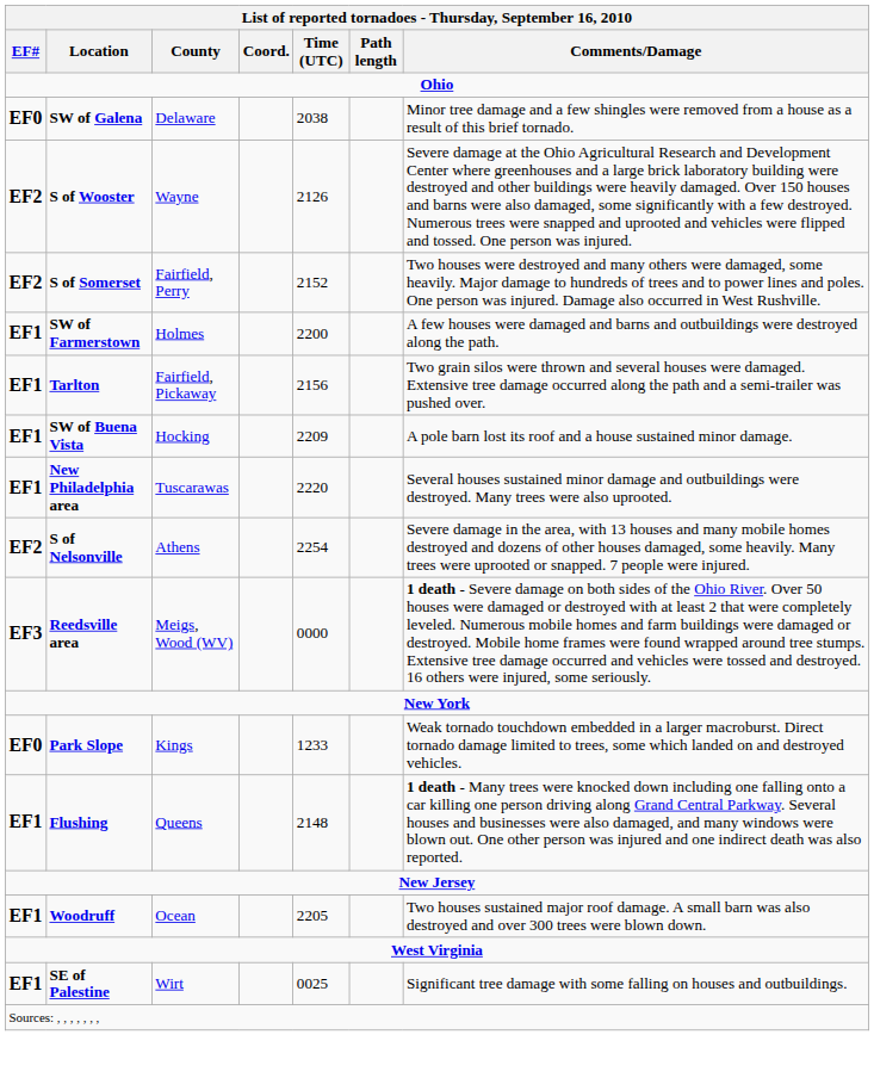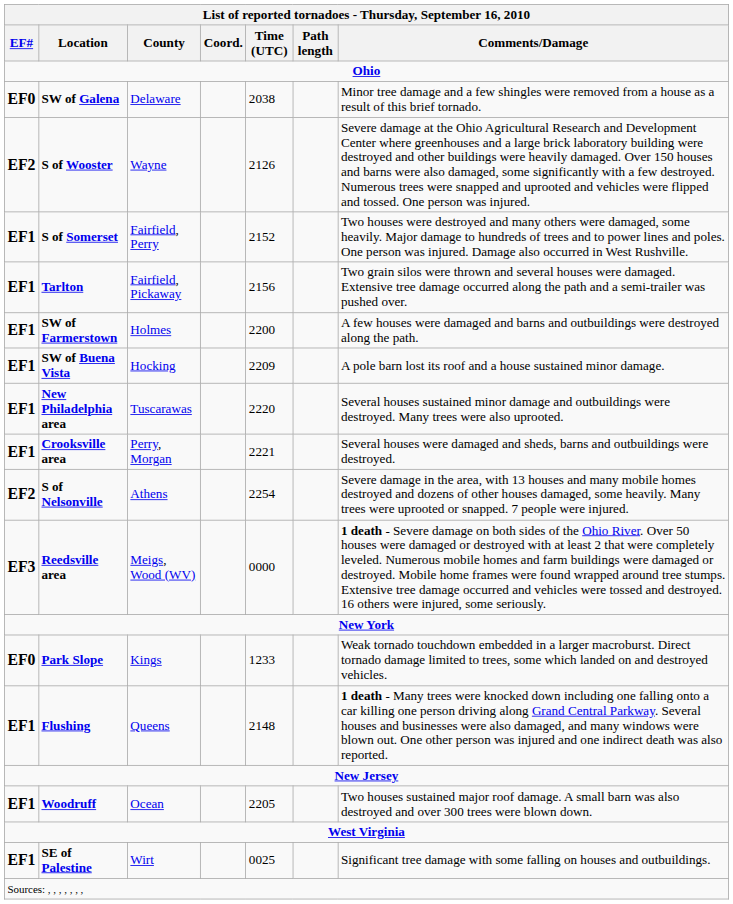 <table class="wikitable collapsible" width="100%">
 <tr>
 <th colspan="7">List of reported tornadoes - Thursday, September 16, 2010</th>
 </tr>
 <tr>
 <th><a href='#'>EF#</a></th>
 <th>Location</th>
 <th>County</th>
 <th>Coord.</th>
 <th>Time (UTC)</th>
 <th>Path length</th>
 <th>Comments/Damage</th>
 </tr>
 <tr>
 <td colspan="7" align=center><strong><a href='#'>Ohio</a></strong></td>
 </tr>
 <tr>
 <td><big><strong>EF0</strong></big></td>
 <td><strong>SW of <a href='#'>Galena</a></strong></td>
 <td><a href='#'>Delaware</a></td>
 <td></td>
 <td>2038</td>
 <td></td>
 <td>Minor tree damage and a few shingles were removed from a house as a result of this brief tornado.</td>
 </tr>
 <tr>
 <td><big><strong>EF2</strong></big></td>
 <td><strong>S of <a href='#'>Wooster</a></strong></td>
 <td><a href='#'>Wayne</a></td>
 <td></td>
 <td>2126</td>
 <td></td>
 <td>Severe damage at the Ohio Agricultural Research and Development Center where greenhouses and a large brick laboratory building were destroyed and other buildings were heavily damaged. Over 150 houses and barns were also damaged, some significantly with a few destroyed. Numerous trees were snapped and uprooted and vehicles were flipped and tossed. One person was injured.</td>
 </tr>
 <tr>
-<td><big><strong>EF2</strong></big></td>
+<td><big><strong>EF1</strong></big></td>
 <td><strong>S of <a href='#'>Somerset</a></strong></td>
 <td><a href='#'>Fairfield</a>, <a href='#'>Perry</a></td>
 <td></td>
 <td>2152</td>
 <td></td>
 <td>Two houses were destroyed and many others were damaged, some heavily. Major damage to hundreds of trees and to power lines and poles. One person was injured. Damage also occurred in West Rushville.</td>
 </tr>
 <tr>
 <td><big><strong>EF1</strong></big></td>
+<td><strong><a href='#'>Tarlton</a></strong></td>
+<td><a href='#'>Fairfield</a>, <a href='#'>Pickaway</a></td>
+<td></td>
+<td>2156</td>
+<td></td>
+<td>Two grain silos were thrown and several houses were damaged. Extensive tree damage occurred along the path and a semi-trailer was pushed over.</td>
+</tr>
+<tr>
+<td><big><strong>EF1</strong></big></td>
 <td><strong>SW of <a href='#'>Farmerstown</a></strong></td>
 <td><a href='#'>Holmes</a></td>
 <td></td>
 <td>2200</td>
 <td></td>
 <td>A few houses were damaged and barns and outbuildings were destroyed along the path.</td>
-</tr>
-<tr>
-<td><big><strong>EF1</strong></big></td>
-<td><strong><a href='#'>Tarlton</a></strong></td>
-<td><a href='#'>Fairfield</a>, <a href='#'>Pickaway</a></td>
-<td></td>
-<td>2156</td>
-<td></td>
-<td>Two grain silos were thrown and several houses were damaged. Extensive tree damage occurred along the path and a semi-trailer was pushed over.</td>
 </tr>
 <tr>
 <td><big><strong>EF1</strong></big></td>
 <td><strong>SW of <a href='#'>Buena Vista</a></strong></td>
 <td><a href='#'>Hocking</a></td>
 <td></td>
 <td>2209</td>
 <td></td>
 <td>A pole barn lost its roof and a house sustained minor damage.</td>
 </tr>
 <tr>
 <td><big><strong>EF1</strong></big></td>
 <td><strong><a href='#'>New Philadelphia</a> area</strong></td>
 <td><a href='#'>Tuscarawas</a></td>
 <td></td>
 <td>2220</td>
 <td></td>
 <td>Several houses sustained minor damage and outbuildings were destroyed. Many trees were also uprooted.</td>
+</tr>
+<tr>
+<td><big><strong>EF1</strong></big></td>
+<td><strong><a href='#'>Crooksville</a> area</strong></td>
+<td><a href='#'>Perry</a>, <a href='#'>Morgan</a></td>
+<td></td>
+<td>2221</td>
+<td></td>
+<td>Several houses were damaged and sheds, barns and outbuildings were destroyed.</td>
 </tr>
 <tr>
 <td><big><strong>EF2</strong></big></td>
 <td><strong>S of <a href='#'>Nelsonville</a></strong></td>
 <td><a href='#'>Athens</a></td>
 <td></td>
 <td>2254</td>
 <td></td>
 <td>Severe damage in the area, with 13 houses and many mobile homes destroyed and dozens of other houses damaged, some heavily. Many trees were uprooted or snapped. 7 people were injured.</td>
 </tr>
 <tr>
 <td><big><strong>EF3</strong></big></td>
 <td><strong><a href='#'>Reedsville</a> area</strong></td>
 <td><a href='#'>Meigs</a>, <a href='#'>Wood (WV)</a></td>
 <td></td>
 <td>0000</td>
 <td></td>
 <td><strong>1 death</strong> - Severe damage on both sides of the <a href='#'>Ohio River</a>. Over 50 houses were damaged or destroyed with at least 2 that were completely leveled. Numerous mobile homes and farm buildings were damaged or destroyed. Mobile home frames were found wrapped around tree stumps. Extensive tree damage occurred and vehicles were tossed and destroyed. 16 others were injured, some seriously.</td>
 </tr>
 <tr>
 <td colspan="7" align=center><strong><a href='#'>New York</a></strong></td>
 </tr>
 <tr>
 <td><big><strong>EF0</strong></big></td>
 <td><strong><a href='#'>Park Slope</a></strong></td>
 <td><a href='#'>Kings</a></td>
 <td></td>
 <td>1233</td>
 <td></td>
 <td>Weak tornado touchdown embedded in a larger macroburst. Direct tornado damage limited to trees, some which landed on and destroyed vehicles.</td>
 </tr>
 <tr>
 <td><big><strong>EF1</strong></big></td>
 <td><strong><a href='#'>Flushing</a></strong></td>
 <td><a href='#'>Queens</a></td>
 <td></td>
 <td>2148</td>
 <td></td>
 <td><strong>1 death</strong> - Many trees were knocked down including one falling onto a car killing one person driving along <a href='#'>Grand Central Parkway</a>. Several houses and businesses were also damaged, and many windows were blown out. One other person was injured and one indirect death was also reported.</td>
 </tr>
 <tr>
 <td colspan="7" align=center><strong><a href='#'>New Jersey</a></strong></td>
 </tr>
 <tr>
 <td><big><strong>EF1</strong></big></td>
 <td><strong><a href='#'>Woodruff</a></strong></td>
 <td><a href='#'>Ocean</a></td>
 <td></td>
 <td>2205</td>
 <td></td>
 <td>Two houses sustained major roof damage. A small barn was also destroyed and over 300 trees were blown down.</td>
 </tr>
 <tr>
 <td colspan="7" align=center><strong><a href='#'>West Virginia</a></strong></td>
 </tr>
 <tr>
 <td><big><strong>EF1</strong></big></td>
 <td><strong>SE of <a href='#'>Palestine</a></strong></td>
 <td><a href='#'>Wirt</a></td>
 <td></td>
 <td>0025</td>
 <td></td>
 <td>Significant tree damage with some falling on houses and outbuildings.</td>
 </tr>
 <tr>
 <td colspan="7"><small>Sources: , , , , , , , </small></td>
 </tr>
 </table>
